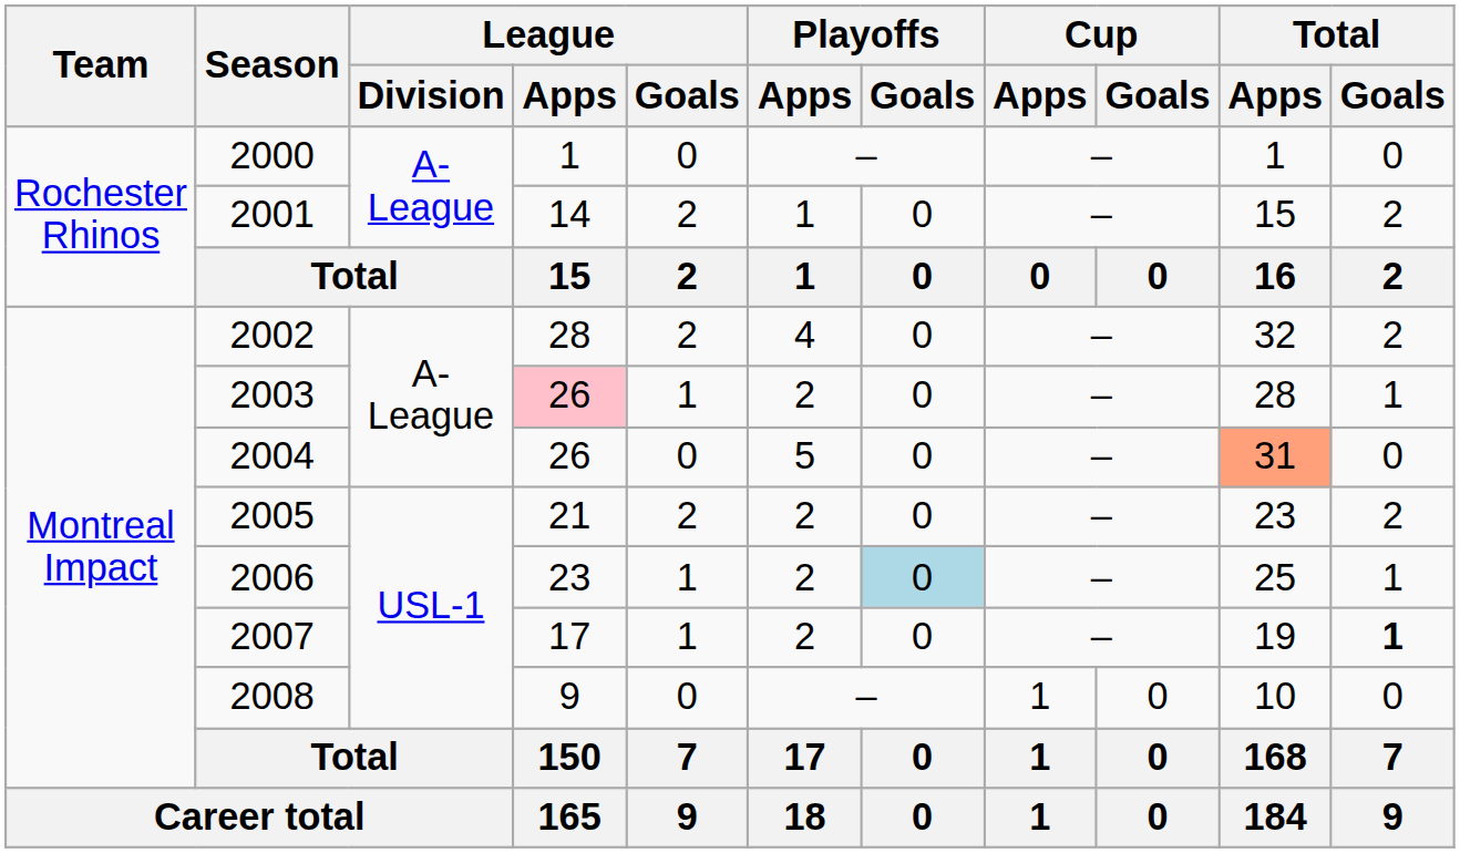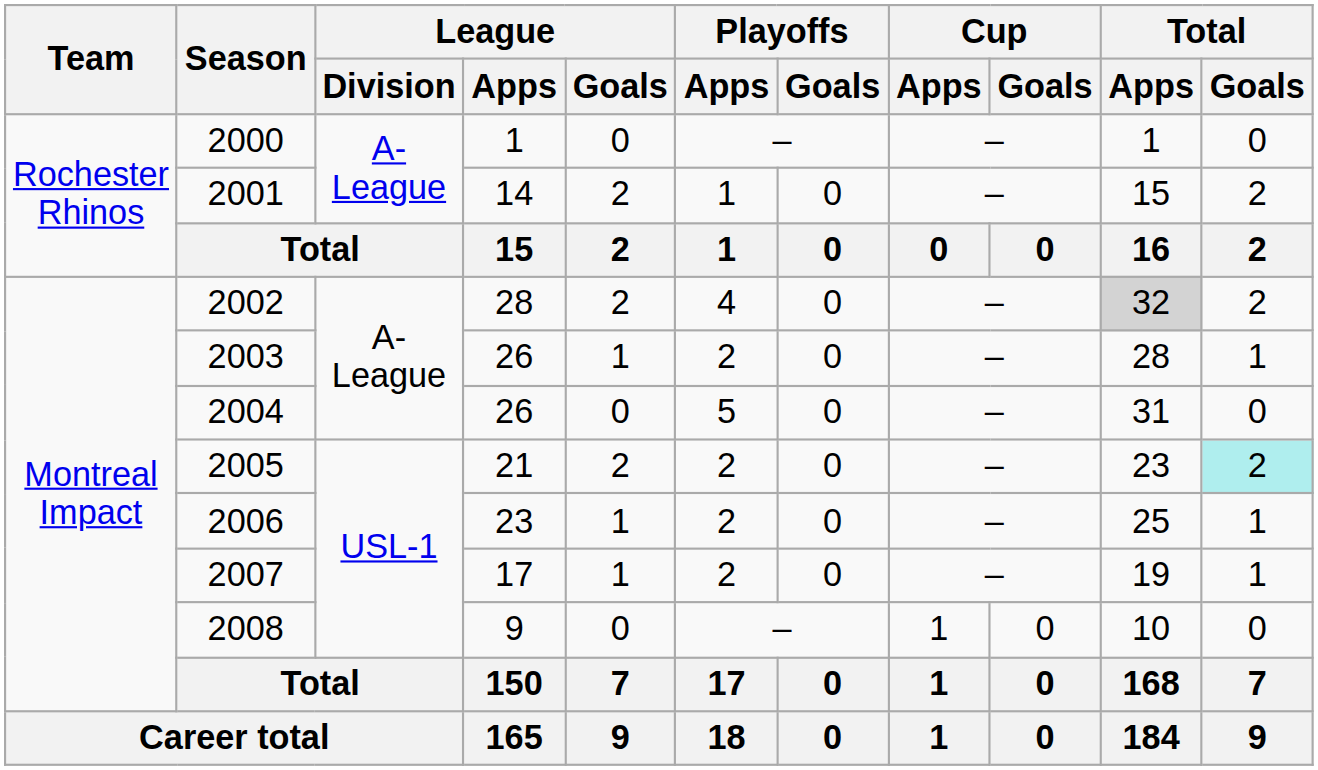 <table class="wikitable" style="text-align: center">
 <tr>
 <th rowspan="2">Team</th>
 <th rowspan="2">Season</th>
 <th colspan="3">League</th>
 <th colspan="2">Playoffs</th>
 <th colspan="2">Cup</th>
 <th colspan="2">Total</th>
 </tr>
 <tr>
 <th>Division</th>
 <th>Apps</th>
 <th>Goals</th>
 <th>Apps</th>
 <th>Goals</th>
 <th>Apps</th>
 <th>Goals</th>
 <th>Apps</th>
 <th>Goals</th>
 </tr>
 <tr>
 <td rowspan="3"><a href='#'>Rochester Rhinos</a></td>
 <td>2000</td>
 <td rowspan="2"><a href='#'>A-League</a></td>
 <td>1</td>
 <td>0</td>
 <td colspan="2">–</td>
 <td colspan="2">–</td>
 <td>1</td>
 <td>0</td>
 </tr>
 <tr>
 <td>2001</td>
 <td>14</td>
 <td>2</td>
 <td>1</td>
 <td>0</td>
 <td colspan="2">–</td>
 <td>15</td>
 <td>2</td>
 </tr>
 <tr>
 <th colspan="2">Total</th>
 <th>15</th>
 <th>2</th>
 <th>1</th>
 <th>0</th>
 <th>0</th>
 <th>0</th>
 <th>16</th>
 <th>2</th>
 </tr>
 <tr>
 <td rowspan="8"><a href='#'>Montreal Impact</a></td>
 <td>2002</td>
 <td rowspan="3">A-League</td>
 <td>28</td>
 <td>2</td>
 <td>4</td>
 <td>0</td>
 <td colspan="2">–</td>
-<td>32</td>
+<td style="background: lightgrey;">32</td>
 <td>2</td>
 </tr>
 <tr>
 <td>2003</td>
-<td style="background: pink;">26</td>
+<td>26</td>
 <td>1</td>
 <td>2</td>
 <td>0</td>
 <td colspan="2">–</td>
 <td>28</td>
 <td>1</td>
 </tr>
 <tr>
 <td>2004</td>
 <td>26</td>
 <td>0</td>
 <td>5</td>
 <td>0</td>
 <td colspan="2">–</td>
-<td style="background: lightsalmon;">31</td>
+<td>31</td>
 <td>0</td>
 </tr>
 <tr>
 <td>2005</td>
 <td rowspan="4"><a href='#'>USL-1</a></td>
 <td>21</td>
 <td>2</td>
 <td>2</td>
 <td>0</td>
 <td colspan="2">–</td>
 <td>23</td>
-<td>2</td>
+<td style="background: paleturquoise;">2</td>
 </tr>
 <tr>
 <td>2006</td>
 <td>23</td>
 <td>1</td>
 <td>2</td>
-<td style="background: lightblue;">0</td>
+<td>0</td>
 <td colspan="2">–</td>
 <td>25</td>
 <td>1</td>
 </tr>
 <tr>
 <td>2007</td>
 <td>17</td>
 <td>1</td>
 <td>2</td>
 <td>0</td>
 <td colspan="2">–</td>
 <td>19</td>
-<td><strong>1</strong></td>
+<td>1</td>
 </tr>
 <tr>
 <td>2008</td>
 <td>9</td>
 <td>0</td>
 <td colspan="2">–</td>
 <td>1</td>
 <td>0</td>
 <td>10</td>
 <td>0</td>
 </tr>
 <tr>
 <th colspan="2">Total</th>
 <th>150</th>
 <th>7</th>
 <th>17</th>
 <th>0</th>
 <th>1</th>
 <th>0</th>
 <th>168</th>
 <th>7</th>
 </tr>
 <tr>
 <th colspan="3">Career total</th>
 <th>165</th>
 <th>9</th>
 <th>18</th>
 <th>0</th>
 <th>1</th>
 <th>0</th>
 <th>184</th>
 <th>9</th>
 </tr>
 </table>
